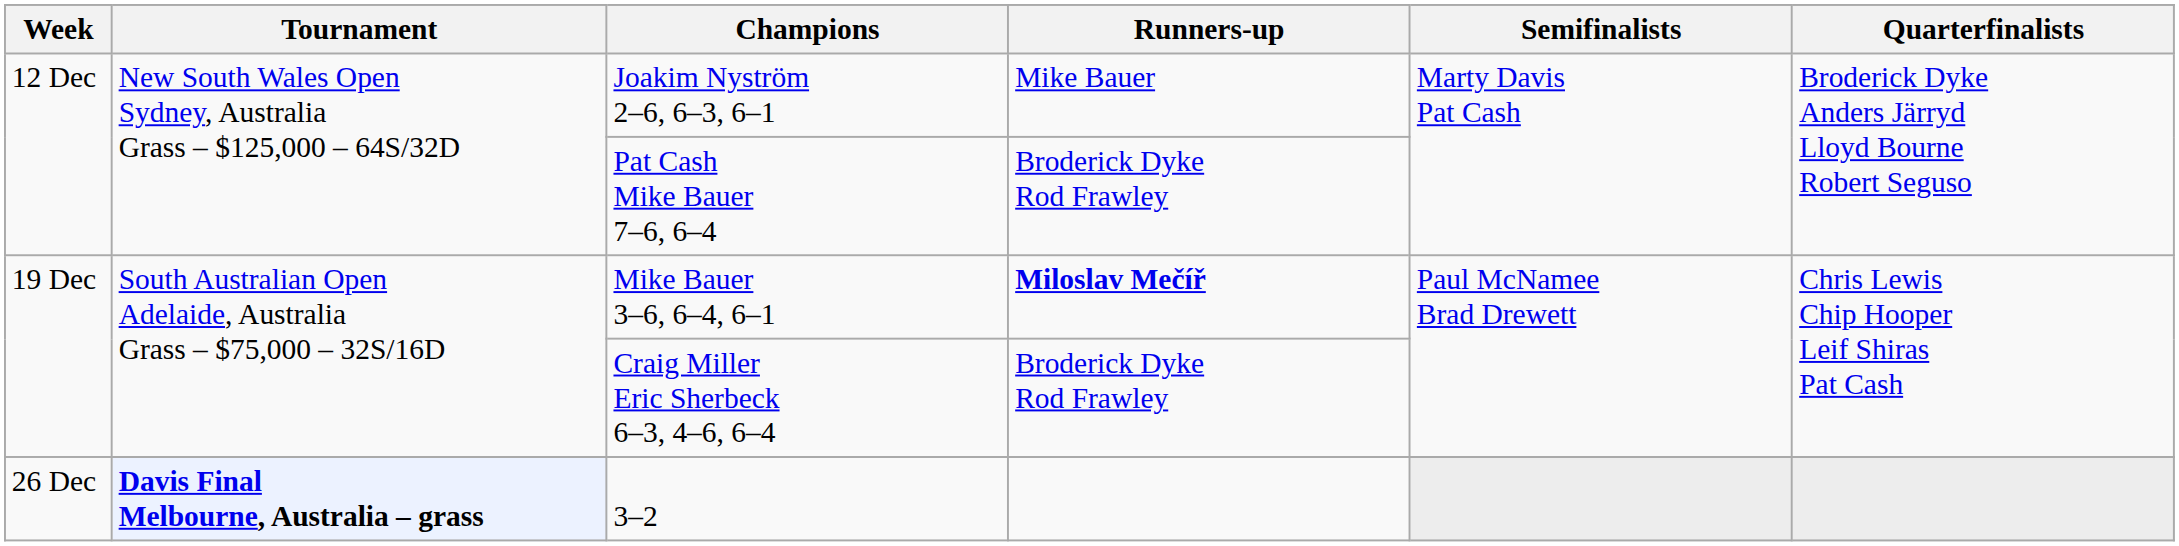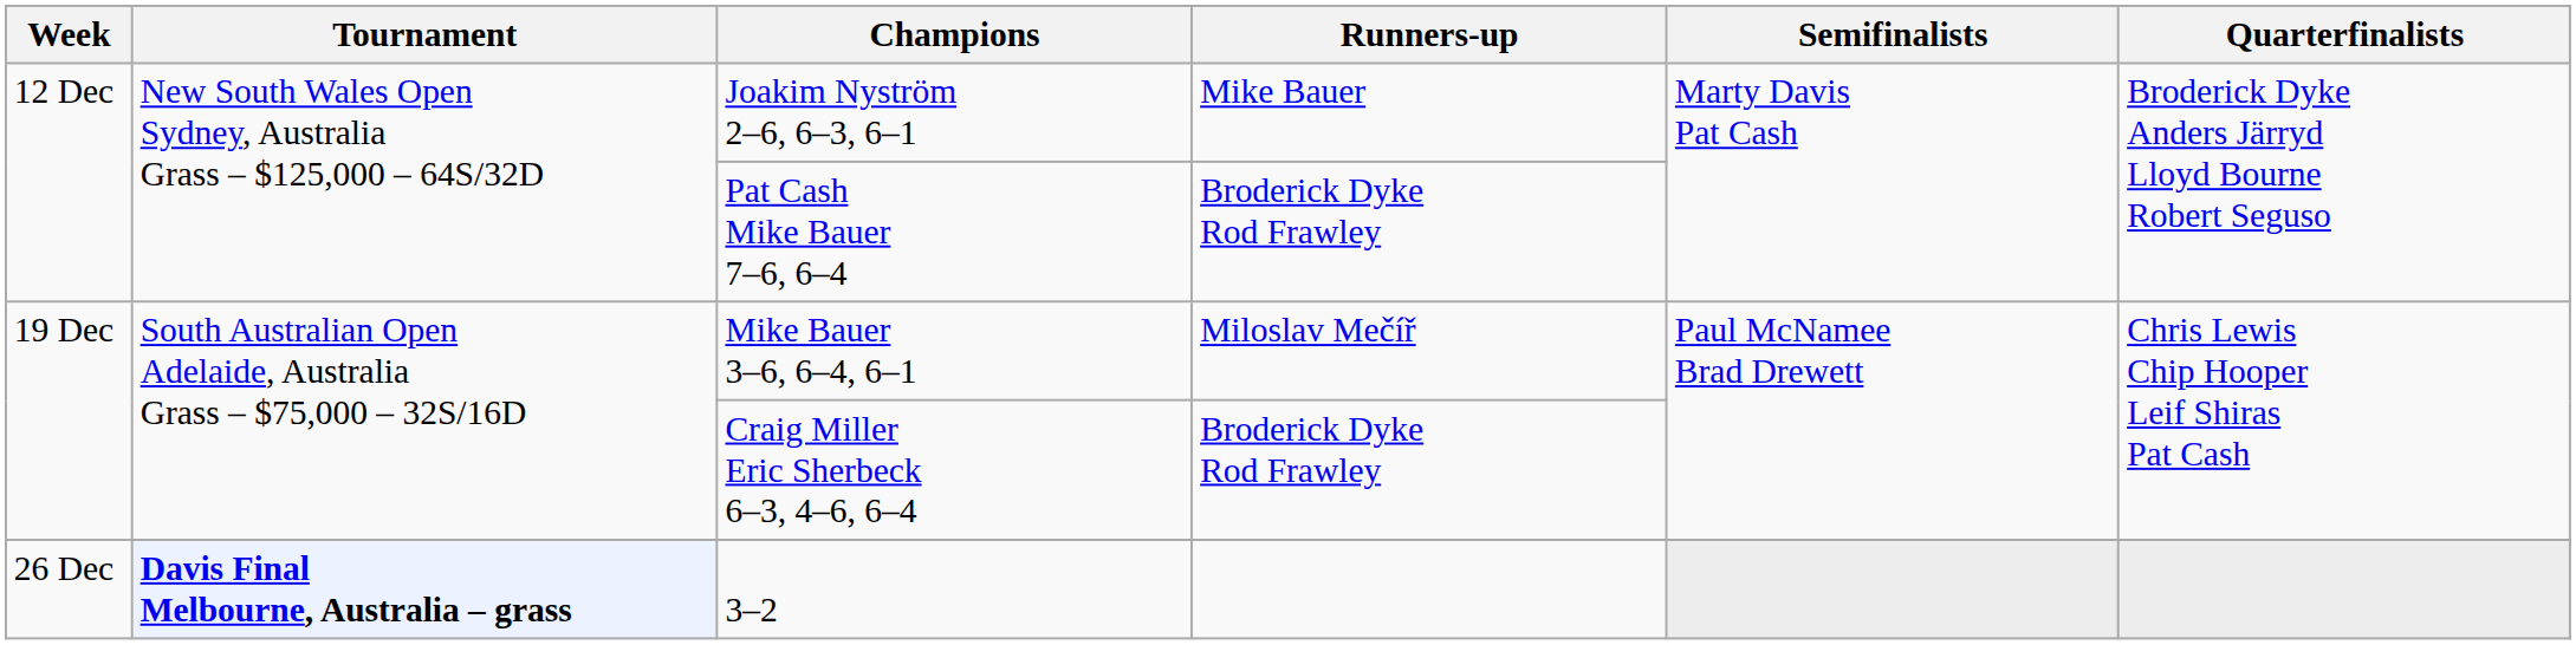 <table class="wikitable" style="font-size:95%;">
 <tr>
 <th style="width:48px;">Week</th>
 <th style="width:248px;">Tournament</th>
 <th style="width:200px;">Champions</th>
 <th style="width:200px;">Runners-up</th>
 <th style="width:190px;">Semifinalists</th>
 <th style="width:190px;">Quarterfinalists</th>
 </tr>
 <tr valign=top>
 <td rowspan=2>12 Dec</td>
 <td rowspan=2><a href='#'>New South Wales Open</a> <br> <a href='#'>Sydney</a>, Australia <br> Grass – $125,000 – 64S/32D</td>
 <td> <a href='#'>Joakim Nyström</a> <br> 2–6, 6–3, 6–1</td>
 <td> <a href='#'>Mike Bauer</a></td>
 <td rowspan=2> <a href='#'>Marty Davis</a> <br>  <a href='#'>Pat Cash</a></td>
 <td rowspan=2> <a href='#'>Broderick Dyke</a> <br>  <a href='#'>Anders Järryd</a> <br>  <a href='#'>Lloyd Bourne</a> <br>  <a href='#'>Robert Seguso</a></td>
 </tr>
 <tr valign=top>
 <td> <a href='#'>Pat Cash</a> <br>  <a href='#'>Mike Bauer</a> <br> 7–6, 6–4</td>
 <td> <a href='#'>Broderick Dyke</a> <br>  <a href='#'>Rod Frawley</a></td>
 </tr>
 <tr valign=top>
 <td rowspan=2>19 Dec</td>
 <td rowspan=2><a href='#'>South Australian Open</a> <br> <a href='#'>Adelaide</a>, Australia <br> Grass – $75,000 – 32S/16D</td>
 <td> <a href='#'>Mike Bauer</a> <br> 3–6, 6–4, 6–1</td>
-<td><strong> <a href='#'>Miloslav Mečíř</a></strong></td>
+<td> <a href='#'>Miloslav Mečíř</a></td>
 <td rowspan=2> <a href='#'>Paul McNamee</a> <br>  <a href='#'>Brad Drewett</a></td>
 <td rowspan=2> <a href='#'>Chris Lewis</a> <br>  <a href='#'>Chip Hooper</a> <br>  <a href='#'>Leif Shiras</a> <br>  <a href='#'>Pat Cash</a></td>
 </tr>
 <tr valign=top>
 <td> <a href='#'>Craig Miller</a> <br>  <a href='#'>Eric Sherbeck</a> <br> 6–3, 4–6, 6–4</td>
 <td> <a href='#'>Broderick Dyke</a> <br>  <a href='#'>Rod Frawley</a></td>
 </tr>
 <tr valign=top>
 <td rowspan=2>26 Dec</td>
 </tr>
 <tr valign=top>
 <td style="background:#ECF2FF;"><strong><a href='#'>Davis Final</a><br> <a href='#'>Melbourne</a>, Australia – grass</strong></td>
 <td><br>3–2</td>
 <td></td>
 <td style="background:#ededed;"></td>
 <td style="background:#ededed;"></td>
 </tr>
 </table>
